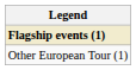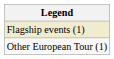 <table class="wikitable" style="font-size:95%;">
 <tr>
 <th>Legend</th>
 </tr>
 <tr style="background:#f2ecce;">
-<td><strong>Flagship events (1)</strong></td>
+<td>Flagship events (1)</td>
 </tr>
 <tr>
 <td>Other European Tour (1)</td>
 </tr>
 </table>
